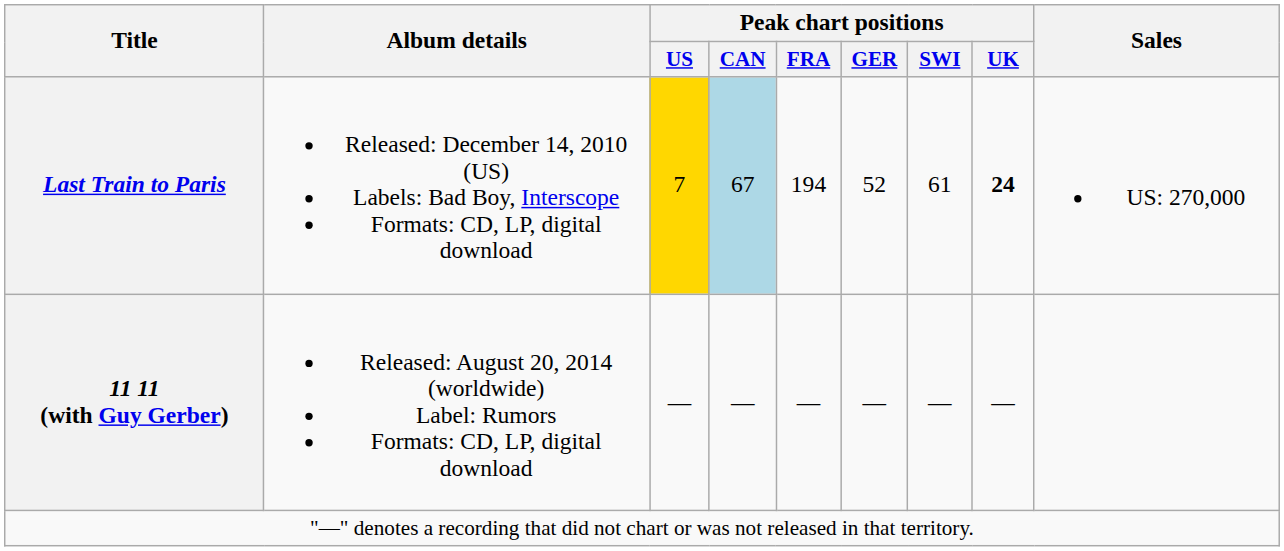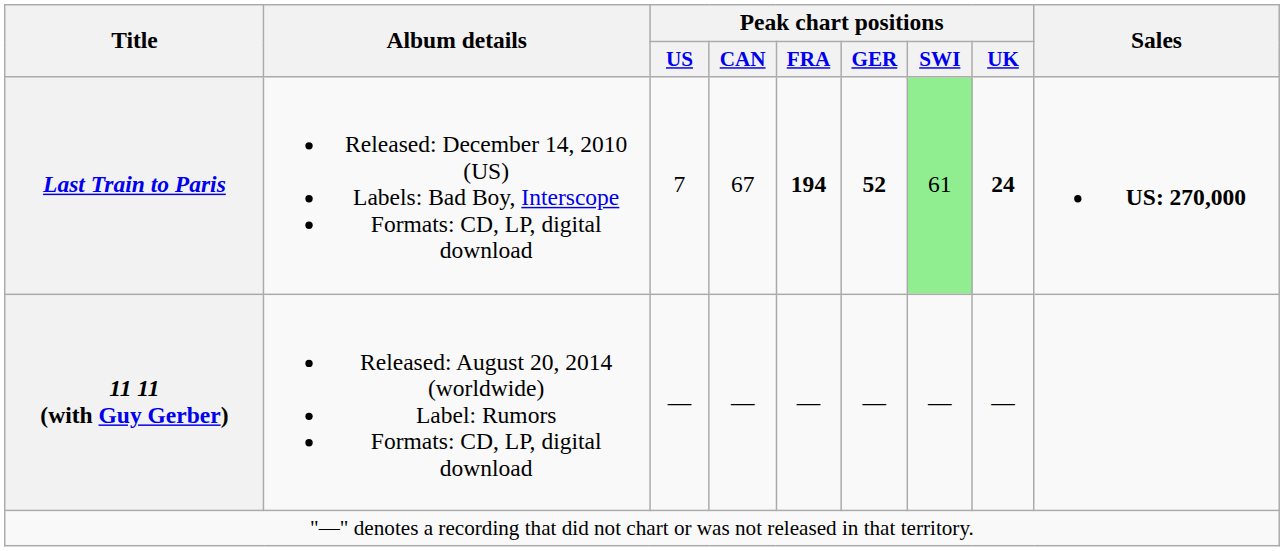 <table class="wikitable plainrowheaders" style="text-align:center;" border="1">
 <tr>
 <th scope="col" rowspan="2" style="width:14em;">Title</th>
 <th scope="col" rowspan="2" style="width:20em;">Album details</th>
 <th scope="col" colspan="6">Peak chart positions</th>
 <th scope="col" rowspan="2" style="width:12em;">Sales</th>
 </tr>
 <tr>
 <th scope="col" style="width:2.9em;font-size:90%;"><a href='#'>US</a><br></th>
 <th scope="col" style="width:2.9em;font-size:90%;"><a href='#'>CAN</a><br></th>
 <th scope="col" style="width:2.9em;font-size:90%;"><a href='#'>FRA</a><br></th>
 <th scope="col" style="width:2.9em;font-size:90%;"><a href='#'>GER</a><br></th>
 <th scope="col" style="width:2.9em;font-size:90%;"><a href='#'>SWI</a><br></th>
 <th scope="col" style="width:2.9em;font-size:90%;"><a href='#'>UK</a><br></th>
 </tr>
 <tr>
 <th scope="row"><em><a href='#'>Last Train to Paris</a></em><br></th>
 <td><br><ul><li>Released: December 14, 2010 <span>(US)</span></li><li>Labels: Bad Boy, <a href='#'>Interscope</a></li><li>Formats: CD, LP, digital download</li></ul></td>
-<td style="background: gold;">7</td>
-<td style="background: lightblue;">67</td>
-<td>194</td>
-<td>52</td>
-<td>61</td>
+<td>7</td>
+<td>67</td>
+<td><strong>194</strong></td>
+<td><strong>52</strong></td>
+<td style="background: lightgreen;">61</td>
 <td><strong>24</strong></td>
-<td><br><ul><li>US: 270,000</li></ul></td>
+<td><strong><br><ul><li>US: 270,000</li></ul></strong></td>
 </tr>
 <tr>
 <th scope="row"><em>11 11</em><br><span>(with <a href='#'>Guy Gerber</a>)</span></th>
 <td><br><ul><li>Released: August 20, 2014 <span>(worldwide)</span></li><li>Label: Rumors</li><li>Formats: CD, LP, digital download</li></ul></td>
 <td>—</td>
 <td>—</td>
 <td>—</td>
 <td>—</td>
 <td>—</td>
 <td>—</td>
 <td></td>
 </tr>
 <tr>
 <td colspan="15" style="font-size:90%">"—" denotes a recording that did not chart or was not released in that territory.</td>
 </tr>
 </table>
